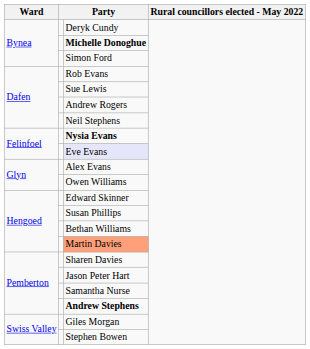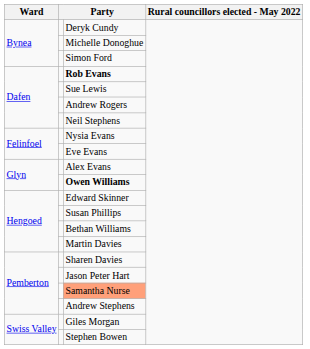 <table class="wikitable">
 <tr>
 <th>Ward</th>
 <th colspan=2>Party</th>
 <th>Rural councillors elected - May 2022</th>
 </tr>
 <tr>
 <td rowspan="3"><a href='#'>Bynea</a></td>
 <td></td>
 <td>Deryk Cundy</td>
 </tr>
 <tr>
 <td></td>
-<td><strong>Michelle Donoghue</strong></td>
+<td>Michelle Donoghue</td>
 </tr>
 <tr>
 <td></td>
 <td>Simon Ford</td>
 </tr>
 <tr>
 <td rowspan="4"><a href='#'>Dafen</a></td>
 <td></td>
-<td>Rob Evans</td>
+<td><strong>Rob Evans</strong></td>
 </tr>
 <tr>
 <td></td>
 <td>Sue Lewis</td>
 </tr>
 <tr>
 <td></td>
 <td>Andrew Rogers</td>
 </tr>
 <tr>
 <td></td>
 <td>Neil Stephens</td>
 </tr>
 <tr>
 <td rowspan="2"><a href='#'>Felinfoel</a></td>
 <td></td>
-<td><strong>Nysia Evans</strong></td>
+<td>Nysia Evans</td>
 </tr>
 <tr>
 <td></td>
-<td style="background: lavender;">Eve Evans</td>
+<td>Eve Evans</td>
 </tr>
 <tr>
 <td rowspan="2"><a href='#'>Glyn</a></td>
 <td></td>
 <td>Alex Evans</td>
 </tr>
 <tr>
 <td></td>
-<td>Owen Williams</td>
+<td><strong>Owen Williams</strong></td>
 </tr>
 <tr>
 <td rowspan="4"><a href='#'>Hengoed</a></td>
 <td></td>
 <td>Edward Skinner</td>
 </tr>
 <tr>
 <td></td>
 <td>Susan Phillips</td>
 </tr>
 <tr>
 <td></td>
 <td>Bethan Williams</td>
 </tr>
 <tr>
 <td></td>
-<td style="background: lightsalmon;">Martin Davies</td>
+<td>Martin Davies</td>
 </tr>
 <tr>
 <td rowspan="4"><a href='#'>Pemberton</a></td>
 <td></td>
 <td>Sharen Davies</td>
 </tr>
 <tr>
 <td></td>
 <td>Jason Peter Hart</td>
 </tr>
 <tr>
 <td></td>
-<td>Samantha Nurse</td>
+<td style="background: lightsalmon;">Samantha Nurse</td>
 </tr>
 <tr>
 <td></td>
-<td><strong>Andrew Stephens</strong></td>
+<td>Andrew Stephens</td>
 </tr>
 <tr>
 <td rowspan="2"><a href='#'>Swiss Valley</a></td>
 <td></td>
 <td>Giles Morgan</td>
 </tr>
 <tr>
 <td></td>
 <td>Stephen Bowen</td>
 </tr>
 </table>
